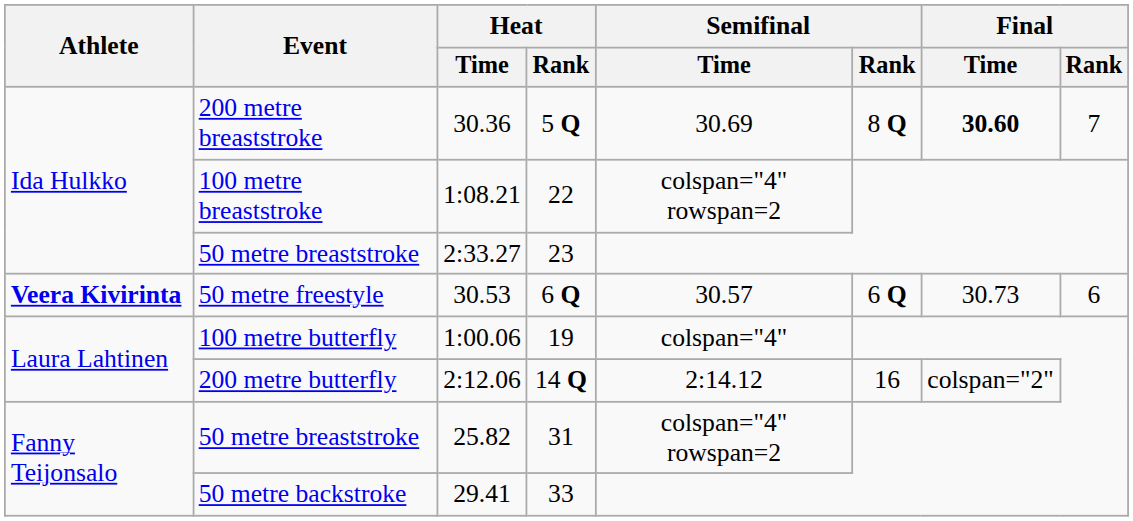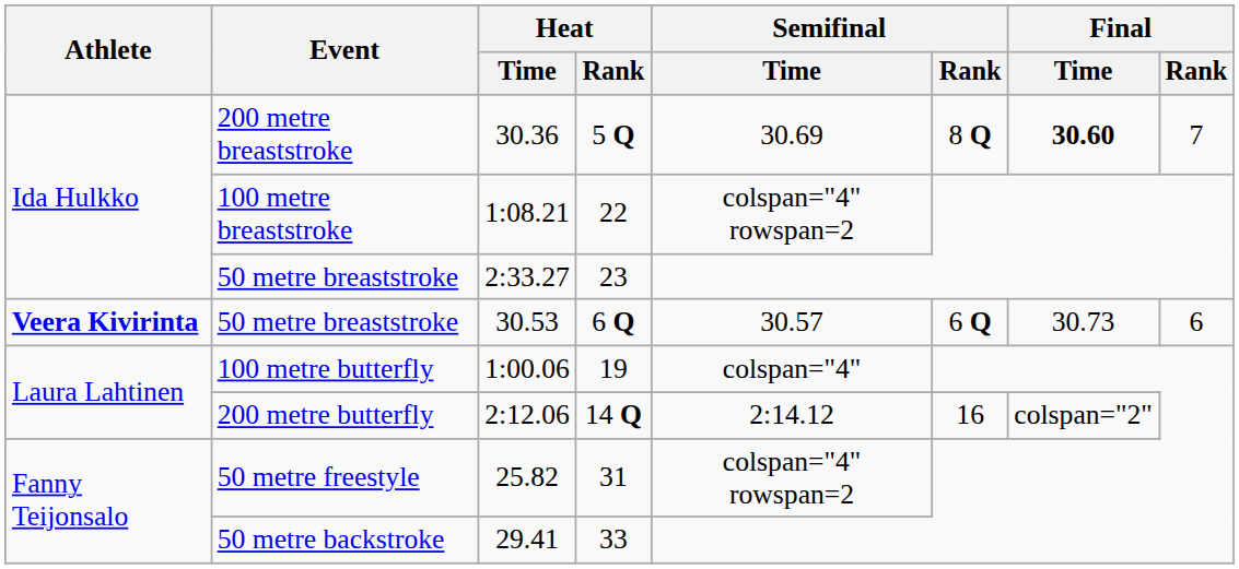 <table class="wikitable" style="text-align:center; font-size:90%; width:50%;">
 <tr>
 <th rowspan="2">Athlete</th>
 <th rowspan="2">Event</th>
 <th colspan="2">Heat</th>
 <th colspan="2">Semifinal</th>
 <th colspan="2">Final</th>
 </tr>
 <tr style="font-size:95%">
 <th>Time</th>
 <th>Rank</th>
 <th>Time</th>
 <th>Rank</th>
 <th>Time</th>
 <th>Rank</th>
 </tr>
 <tr>
 <td align=left rowspan=3><a href='#'>Ida Hulkko</a></td>
 <td align=left><a href='#'>200 metre breaststroke</a></td>
 <td>30.36</td>
 <td>5 <strong>Q</strong></td>
 <td>30.69</td>
 <td>8 <strong>Q</strong></td>
 <td><strong>30.60</strong></td>
 <td>7</td>
 </tr>
 <tr>
 <td align=left><a href='#'>100 metre breaststroke</a></td>
 <td>1:08.21</td>
 <td>22</td>
 <td>colspan="4" rowspan=2 </td>
 </tr>
 <tr align=center>
 <td align=left><a href='#'>50 metre breaststroke</a></td>
 <td>2:33.27</td>
 <td>23</td>
 </tr>
 <tr>
 <td align=left><strong><a href='#'>Veera Kivirinta</a></strong></td>
-<td align=left><a href='#'>50 metre freestyle</a></td>
+<td align=left><a href='#'>50 metre breaststroke</a></td>
 <td>30.53</td>
 <td>6 <strong>Q</strong></td>
 <td>30.57</td>
 <td>6 <strong>Q</strong></td>
 <td>30.73</td>
 <td>6</td>
 </tr>
 <tr>
 <td align=left rowspan=2><a href='#'>Laura Lahtinen</a></td>
 <td align=left><a href='#'>100 metre butterfly</a></td>
 <td>1:00.06</td>
 <td>19</td>
 <td>colspan="4" </td>
 </tr>
 <tr>
 <td align=left><a href='#'>200 metre butterfly</a></td>
 <td>2:12.06</td>
 <td>14 <strong>Q</strong></td>
 <td>2:14.12</td>
 <td>16</td>
 <td>colspan="2" </td>
 </tr>
 <tr>
 <td align=left rowspan=2><a href='#'>Fanny Teijonsalo</a></td>
-<td align=left><a href='#'>50 metre breaststroke</a></td>
+<td align=left><a href='#'>50 metre freestyle</a></td>
 <td>25.82</td>
 <td>31</td>
 <td>colspan="4" rowspan=2 </td>
 </tr>
 <tr>
 <td align=left><a href='#'>50 metre backstroke</a></td>
 <td>29.41</td>
 <td>33</td>
 </tr>
 </table>
